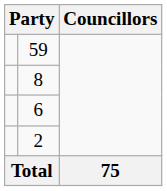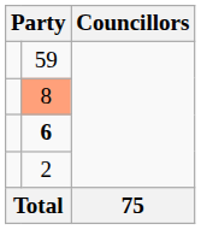 <table class="wikitable">
 <tr>
 <th colspan=2>Party</th>
 <th>Councillors</th>
 </tr>
 <tr>
 <td></td>
 <td align=center>59</td>
 </tr>
 <tr>
 <td></td>
-<td align=center>8</td>
+<td align=center style="background: lightsalmon;">8</td>
 </tr>
 <tr>
 <td></td>
-<td align=center>6</td>
+<td align=center><strong>6</strong></td>
 </tr>
 <tr>
 <td></td>
 <td align=center>2</td>
 </tr>
 <tr>
 <th colspan=2>Total</th>
 <th align=center>75</th>
 </tr>
 </table>
